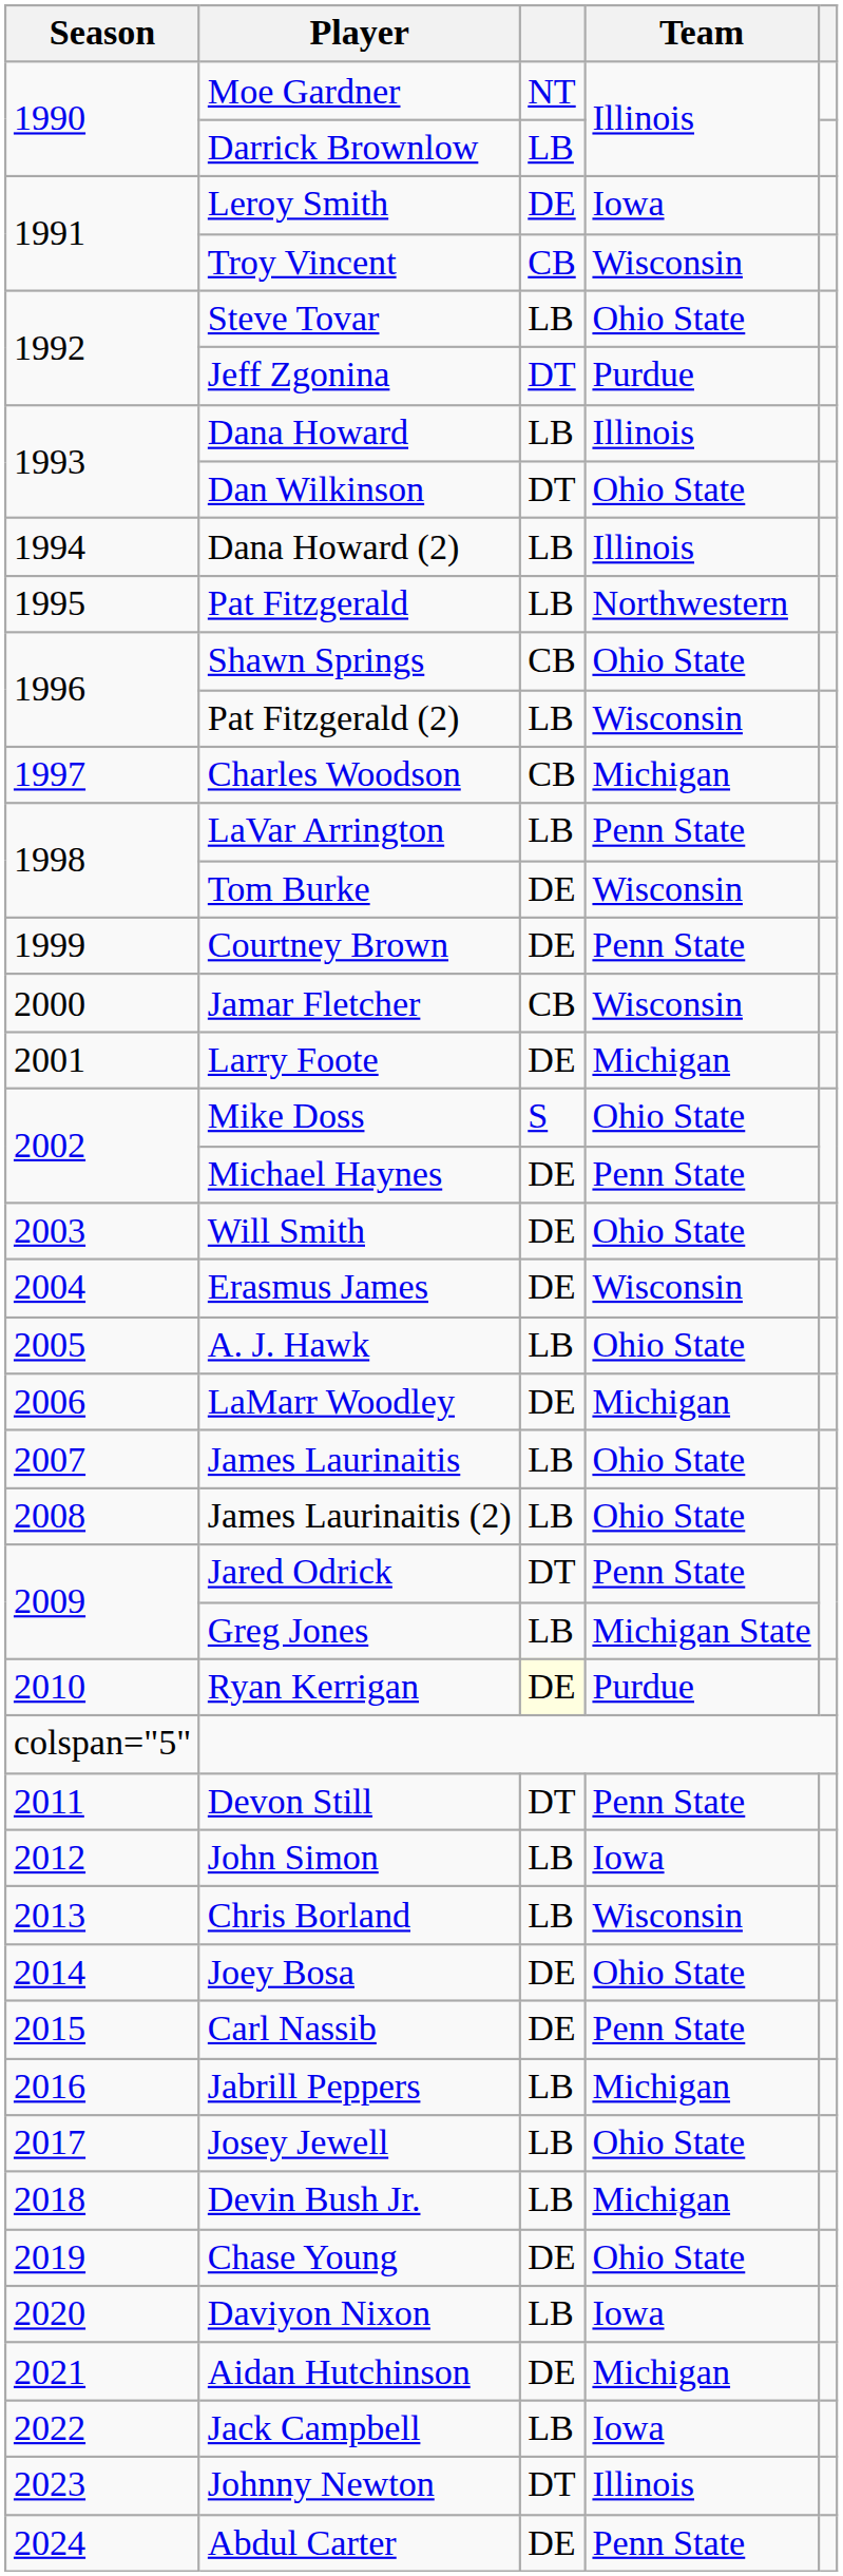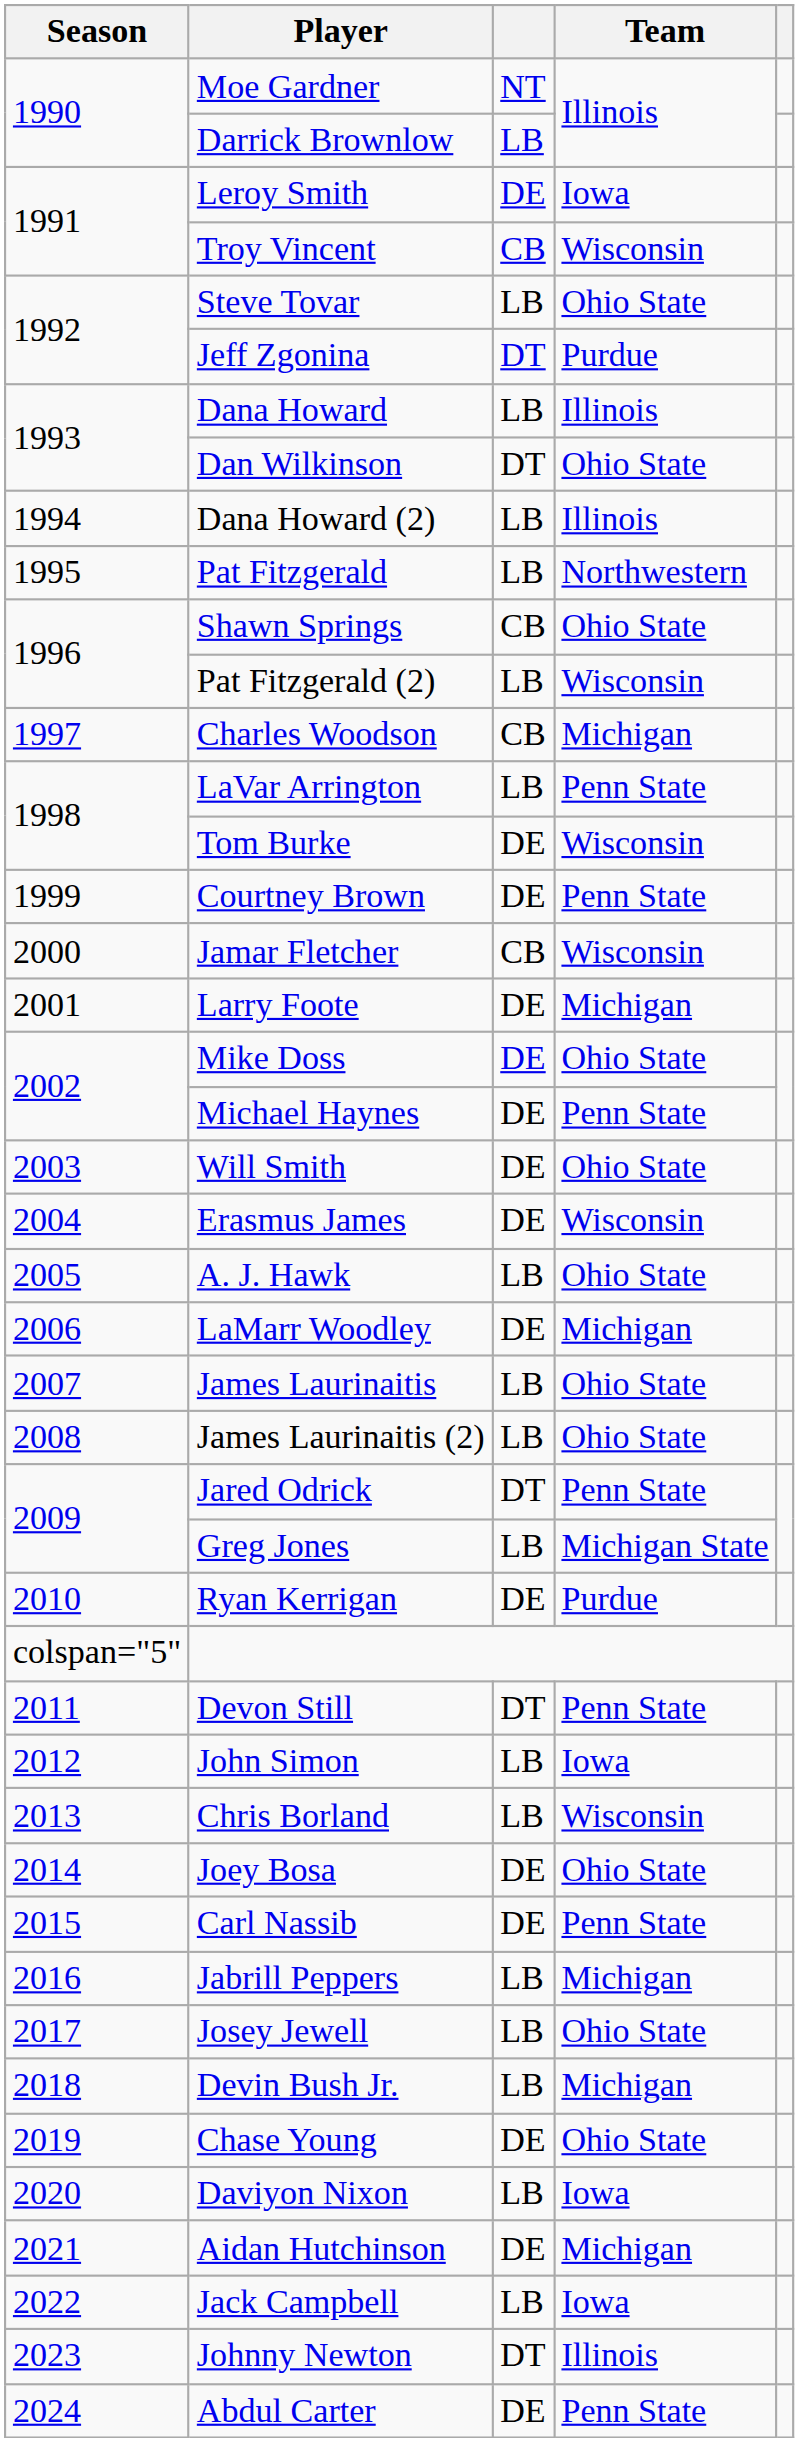 <table class="wikitable sortable">
 <tr>
 <th>Season</th>
 <th>Player</th>
 <th></th>
 <th>Team</th>
 <th></th>
 </tr>
 <tr>
 <td rowspan="2"><a href='#'>1990</a></td>
 <td><a href='#'>Moe Gardner</a></td>
 <td><a href='#'>NT</a></td>
 <td rowspan="2"><a href='#'>Illinois</a></td>
 <td></td>
 </tr>
 <tr>
 <td><a href='#'>Darrick Brownlow</a></td>
 <td><a href='#'>LB</a></td>
 <td></td>
 </tr>
 <tr>
 <td rowspan="2">1991</td>
 <td><a href='#'>Leroy Smith</a></td>
 <td><a href='#'>DE</a></td>
 <td><a href='#'>Iowa</a></td>
 <td></td>
 </tr>
 <tr>
 <td><a href='#'>Troy Vincent</a></td>
 <td><a href='#'>CB</a></td>
 <td><a href='#'>Wisconsin</a></td>
 <td></td>
 </tr>
 <tr>
 <td rowspan="2">1992</td>
 <td><a href='#'>Steve Tovar</a></td>
 <td>LB</td>
 <td><a href='#'>Ohio State</a></td>
 <td></td>
 </tr>
 <tr>
 <td><a href='#'>Jeff Zgonina</a></td>
 <td><a href='#'>DT</a></td>
 <td><a href='#'>Purdue</a></td>
 <td></td>
 </tr>
 <tr>
 <td rowspan="2">1993</td>
 <td><a href='#'>Dana Howard</a></td>
 <td>LB</td>
 <td><a href='#'>Illinois</a></td>
 <td></td>
 </tr>
 <tr>
 <td><a href='#'>Dan Wilkinson</a></td>
 <td>DT</td>
 <td><a href='#'>Ohio State</a></td>
 <td></td>
 </tr>
 <tr>
 <td>1994</td>
 <td>Dana Howard (2)</td>
 <td>LB</td>
 <td><a href='#'>Illinois</a></td>
 <td></td>
 </tr>
 <tr>
 <td>1995</td>
 <td><a href='#'>Pat Fitzgerald</a></td>
 <td>LB</td>
 <td><a href='#'>Northwestern</a></td>
 <td></td>
 </tr>
 <tr>
 <td rowspan="2">1996</td>
 <td><a href='#'>Shawn Springs</a></td>
 <td>CB</td>
 <td><a href='#'>Ohio State</a></td>
 <td></td>
 </tr>
 <tr>
 <td>Pat Fitzgerald (2)</td>
 <td>LB</td>
 <td><a href='#'>Wisconsin</a></td>
 <td></td>
 </tr>
 <tr>
 <td><a href='#'>1997</a></td>
 <td><a href='#'>Charles Woodson</a></td>
 <td>CB</td>
 <td><a href='#'>Michigan</a></td>
 <td></td>
 </tr>
 <tr>
 <td rowspan="2">1998</td>
 <td><a href='#'>LaVar Arrington</a></td>
 <td>LB</td>
 <td><a href='#'>Penn State</a></td>
 <td></td>
 </tr>
 <tr>
 <td><a href='#'>Tom Burke</a></td>
 <td>DE</td>
 <td><a href='#'>Wisconsin</a></td>
 <td></td>
 </tr>
 <tr>
 <td>1999</td>
 <td><a href='#'>Courtney Brown</a></td>
 <td>DE</td>
 <td><a href='#'>Penn State</a></td>
 <td></td>
 </tr>
 <tr>
 <td>2000</td>
 <td><a href='#'>Jamar Fletcher</a></td>
 <td>CB</td>
 <td><a href='#'>Wisconsin</a></td>
 <td></td>
 </tr>
 <tr>
 <td>2001</td>
 <td><a href='#'>Larry Foote</a></td>
 <td>DE</td>
 <td><a href='#'>Michigan</a></td>
 <td></td>
 </tr>
 <tr>
 <td rowspan="2"><a href='#'>2002</a></td>
 <td><a href='#'>Mike Doss</a></td>
-<td><a href='#'>S</a></td>
+<td><a href='#'>DE</a></td>
 <td><a href='#'>Ohio State</a></td>
 <td rowspan="2"></td>
 </tr>
 <tr>
 <td><a href='#'>Michael Haynes</a></td>
 <td>DE</td>
 <td><a href='#'>Penn State</a></td>
 </tr>
 <tr>
 <td><a href='#'>2003</a></td>
 <td><a href='#'>Will Smith</a></td>
 <td>DE</td>
 <td><a href='#'>Ohio State</a></td>
 <td></td>
 </tr>
 <tr>
 <td><a href='#'>2004</a></td>
 <td><a href='#'>Erasmus James</a></td>
 <td>DE</td>
 <td><a href='#'>Wisconsin</a></td>
 <td></td>
 </tr>
 <tr>
 <td><a href='#'>2005</a></td>
 <td><a href='#'>A. J. Hawk</a></td>
 <td>LB</td>
 <td><a href='#'>Ohio State</a></td>
 <td></td>
 </tr>
 <tr>
 <td><a href='#'>2006</a></td>
 <td><a href='#'>LaMarr Woodley</a></td>
 <td>DE</td>
 <td><a href='#'>Michigan</a></td>
 <td></td>
 </tr>
 <tr>
 <td><a href='#'>2007</a></td>
 <td><a href='#'>James Laurinaitis</a></td>
 <td>LB</td>
 <td><a href='#'>Ohio State</a></td>
 <td></td>
 </tr>
 <tr>
 <td><a href='#'>2008</a></td>
 <td>James Laurinaitis (2)</td>
 <td>LB</td>
 <td><a href='#'>Ohio State</a></td>
 <td></td>
 </tr>
 <tr>
 <td rowspan="2"><a href='#'>2009</a></td>
 <td><a href='#'>Jared Odrick</a></td>
 <td>DT</td>
 <td><a href='#'>Penn State</a></td>
 <td rowspan="2"></td>
 </tr>
 <tr>
 <td><a href='#'>Greg Jones</a></td>
 <td>LB</td>
 <td><a href='#'>Michigan State</a></td>
 </tr>
 <tr>
 <td><a href='#'>2010</a></td>
 <td><a href='#'>Ryan Kerrigan</a></td>
-<td style="background: lightyellow;">DE</td>
+<td>DE</td>
 <td><a href='#'>Purdue</a></td>
 <td></td>
 </tr>
 <tr>
 <td>colspan="5" </td>
 </tr>
 <tr>
 <td><a href='#'>2011</a></td>
 <td><a href='#'>Devon Still</a></td>
 <td>DT</td>
 <td><a href='#'>Penn State</a></td>
 <td></td>
 </tr>
 <tr>
 <td><a href='#'>2012</a></td>
 <td><a href='#'>John Simon</a></td>
 <td>LB</td>
 <td><a href='#'>Iowa</a></td>
 <td></td>
 </tr>
 <tr>
 <td><a href='#'>2013</a></td>
 <td><a href='#'>Chris Borland</a></td>
 <td>LB</td>
 <td><a href='#'>Wisconsin</a></td>
 <td></td>
 </tr>
 <tr>
 <td><a href='#'>2014</a></td>
 <td><a href='#'>Joey Bosa</a></td>
 <td>DE</td>
 <td><a href='#'>Ohio State</a></td>
 <td></td>
 </tr>
 <tr>
 <td><a href='#'>2015</a></td>
 <td><a href='#'>Carl Nassib</a></td>
 <td>DE</td>
 <td><a href='#'>Penn State</a></td>
 <td></td>
 </tr>
 <tr>
 <td><a href='#'>2016</a></td>
 <td><a href='#'>Jabrill Peppers</a></td>
 <td>LB</td>
 <td><a href='#'>Michigan</a></td>
 <td></td>
 </tr>
 <tr>
 <td><a href='#'>2017</a></td>
 <td><a href='#'>Josey Jewell</a></td>
 <td>LB</td>
 <td><a href='#'>Ohio State</a></td>
 <td></td>
 </tr>
 <tr>
 <td><a href='#'>2018</a></td>
 <td><a href='#'>Devin Bush Jr.</a></td>
 <td>LB</td>
 <td><a href='#'>Michigan</a></td>
 <td></td>
 </tr>
 <tr>
 <td><a href='#'>2019</a></td>
 <td><a href='#'>Chase Young</a></td>
 <td>DE</td>
 <td><a href='#'>Ohio State</a></td>
 <td></td>
 </tr>
 <tr>
 <td><a href='#'>2020</a></td>
 <td><a href='#'>Daviyon Nixon</a></td>
 <td>LB</td>
 <td><a href='#'>Iowa</a></td>
 <td></td>
 </tr>
 <tr>
 <td><a href='#'>2021</a></td>
 <td><a href='#'>Aidan Hutchinson</a></td>
 <td>DE</td>
 <td><a href='#'>Michigan</a></td>
 <td></td>
 </tr>
 <tr>
 <td><a href='#'>2022</a></td>
 <td><a href='#'>Jack Campbell</a></td>
 <td>LB</td>
 <td><a href='#'>Iowa</a></td>
 <td></td>
 </tr>
 <tr>
 <td><a href='#'>2023</a></td>
 <td><a href='#'>Johnny Newton</a></td>
 <td>DT</td>
 <td><a href='#'>Illinois</a></td>
 <td></td>
 </tr>
 <tr>
 <td><a href='#'>2024</a></td>
 <td><a href='#'>Abdul Carter</a></td>
 <td>DE</td>
 <td><a href='#'>Penn State</a></td>
 <td></td>
 </tr>
 </table>
